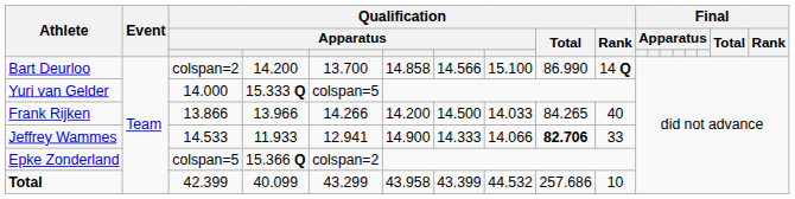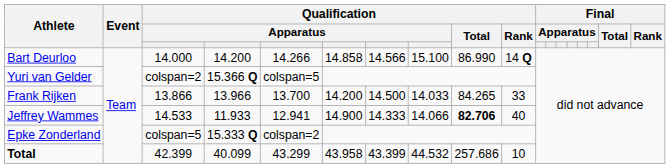 <table class="wikitable" style="font-size:90%">
 <tr>
 <th rowspan=3>Athlete</th>
 <th rowspan=3>Event</th>
 <th colspan =8>Qualification</th>
 <th colspan =8>Final</th>
 </tr>
 <tr style="font-size:95%">
 <th colspan=6>Apparatus</th>
 <th rowspan=2>Total</th>
 <th rowspan=2>Rank</th>
 <th colspan=6>Apparatus</th>
 <th rowspan=2>Total</th>
 <th rowspan=2>Rank</th>
 </tr>
 <tr style="font-size:95%">
 <th></th>
 <th></th>
 <th></th>
 <th></th>
 <th></th>
 <th></th>
 <th></th>
 <th></th>
 <th></th>
 <th></th>
 <th></th>
 <th></th>
 </tr>
 <tr align=center>
 <td align=left><a href='#'>Bart Deurloo</a></td>
 <td align=left rowspan=6><a href='#'>Team</a></td>
-<td>colspan=2 </td>
+<td>14.000</td>
 <td>14.200</td>
-<td>13.700</td>
+<td>14.266</td>
 <td>14.858</td>
 <td>14.566</td>
 <td>15.100</td>
 <td>86.990</td>
 <td>14 <strong>Q</strong></td>
 <td colspan=8 rowspan=6>did not advance</td>
 </tr>
 <tr align=center>
 <td align=left><a href='#'>Yuri van Gelder</a></td>
-<td>14.000</td>
-<td>15.333 <strong>Q</strong></td>
+<td>colspan=2 </td>
+<td>15.366 <strong>Q</strong></td>
 <td>colspan=5 </td>
 </tr>
 <tr align=center>
 <td align=left><a href='#'>Frank Rijken</a></td>
 <td>13.866</td>
 <td>13.966</td>
-<td>14.266</td>
+<td>13.700</td>
 <td>14.200</td>
 <td>14.500</td>
 <td>14.033</td>
 <td>84.265</td>
-<td>40</td>
+<td>33</td>
 </tr>
 <tr align=center>
 <td align=left><a href='#'>Jeffrey Wammes</a></td>
 <td>14.533</td>
 <td>11.933</td>
 <td>12.941</td>
 <td>14.900</td>
 <td>14.333</td>
 <td>14.066</td>
 <td><strong>82.706</strong></td>
-<td>33</td>
+<td>40</td>
 </tr>
 <tr align=center>
 <td align=left><a href='#'>Epke Zonderland</a></td>
 <td>colspan=5 </td>
-<td>15.366 <strong>Q</strong></td>
+<td>15.333 <strong>Q</strong></td>
 <td>colspan=2 </td>
 </tr>
 <tr align=center>
 <td align=left><strong>Total</strong></td>
 <td>42.399</td>
 <td>40.099</td>
 <td>43.299</td>
 <td>43.958</td>
 <td>43.399</td>
 <td>44.532</td>
 <td>257.686</td>
 <td>10</td>
 </tr>
 </table>
